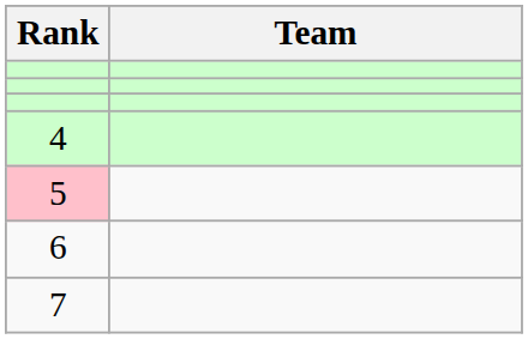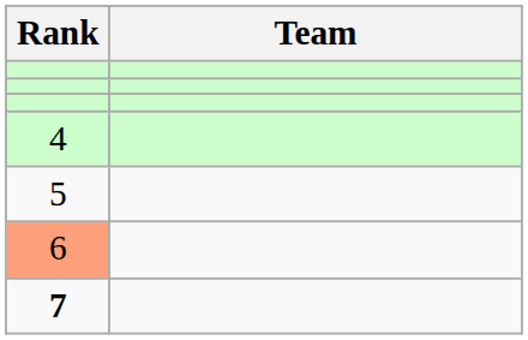 <table class="wikitable" style="text-align:center;">
 <tr>
 <th width=40>Rank</th>
 <th width=180>Team</th>
 </tr>
 <tr bgcolor=#ccffcc>
 <td></td>
 <td style="text-align:left;"></td>
 </tr>
 <tr bgcolor=#ccffcc>
 <td></td>
 <td style="text-align:left;"></td>
 </tr>
 <tr bgcolor=#ccffcc>
 <td></td>
 <td style="text-align:left;"></td>
 </tr>
 <tr bgcolor=#ccffcc>
 <td>4</td>
 <td style="text-align:left;"></td>
 </tr>
 <tr>
-<td style="background: pink;">5</td>
+<td>5</td>
 <td style="text-align:left;"></td>
 </tr>
 <tr>
-<td>6</td>
+<td style="background: lightsalmon;">6</td>
 <td style="text-align:left;"></td>
 </tr>
 <tr>
-<td>7</td>
+<td><strong>7</strong></td>
 <td style="text-align:left;"></td>
 </tr>
 </table>
